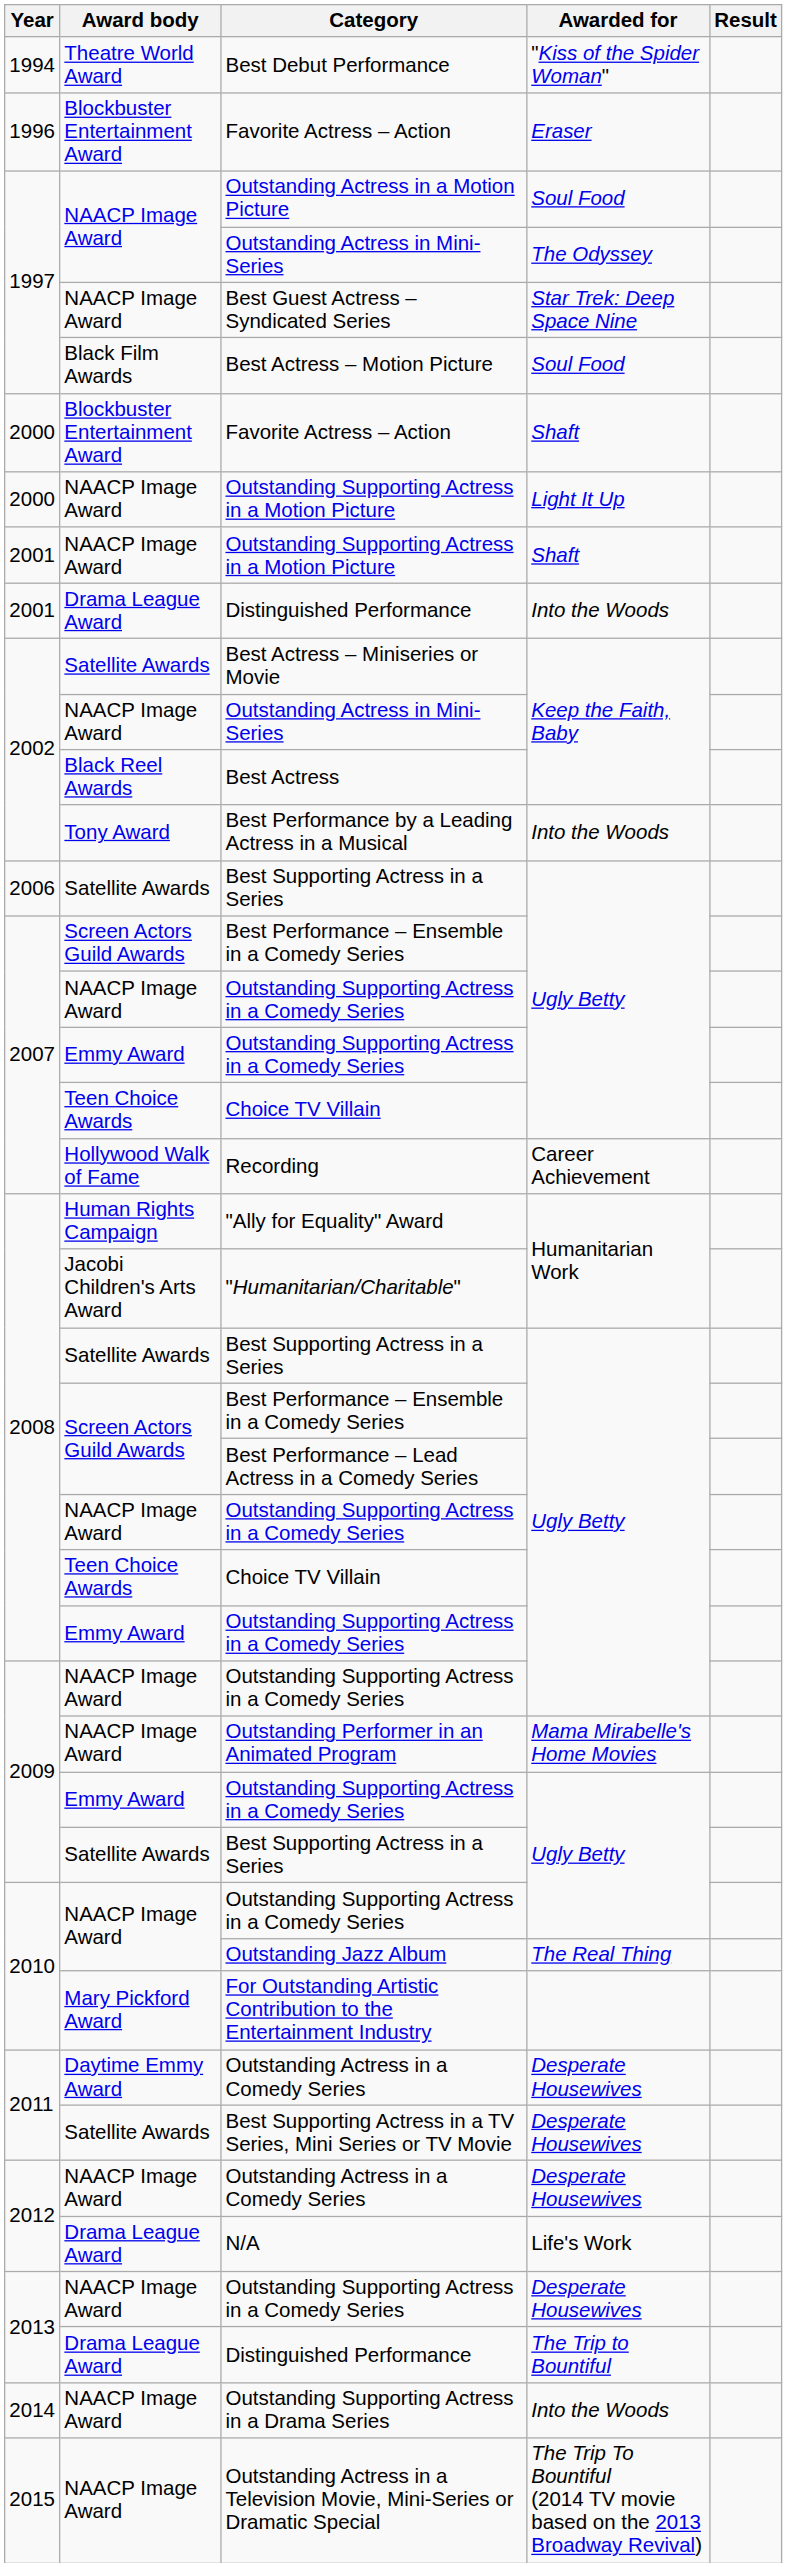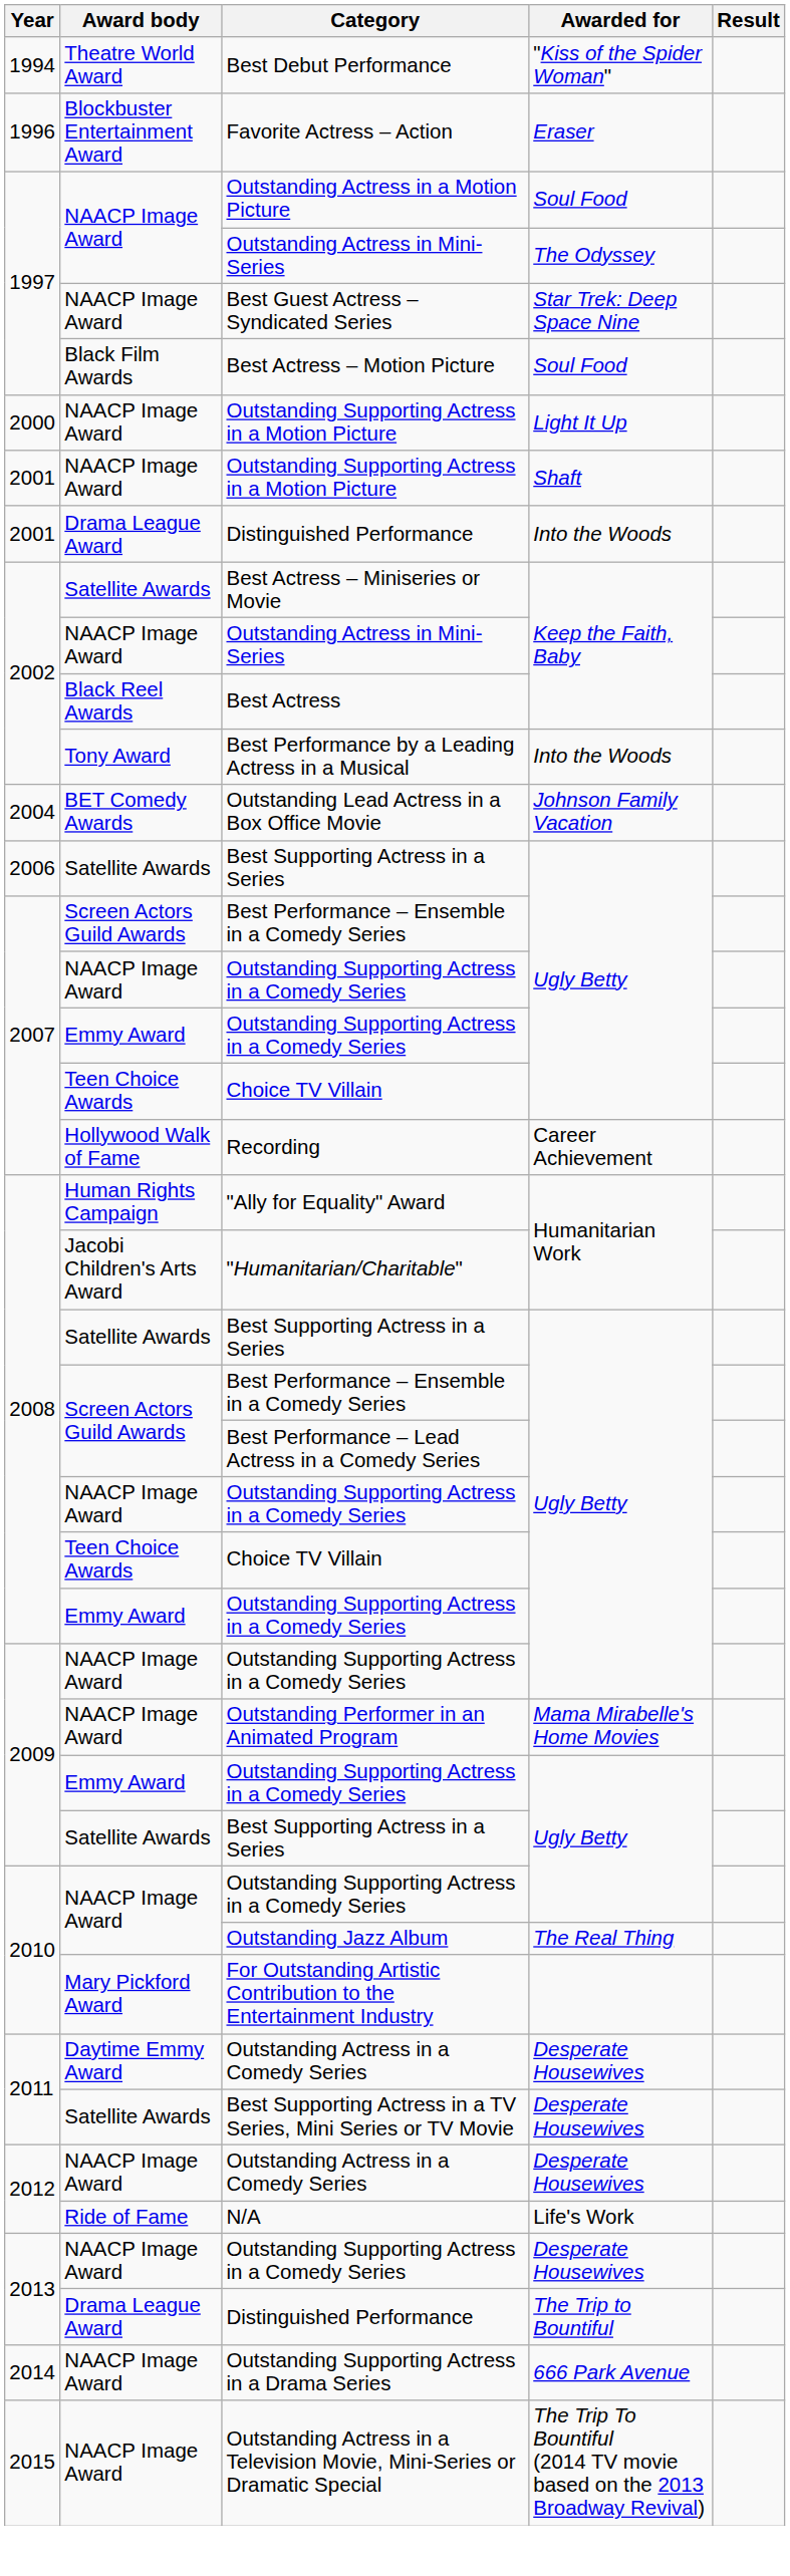 <table class="wikitable">
 <tr>
 <th>Year</th>
 <th>Award body</th>
 <th>Category</th>
 <th>Awarded for</th>
 <th>Result</th>
 </tr>
 <tr>
 <td>1994</td>
 <td><a href='#'>Theatre World Award</a></td>
 <td>Best Debut Performance</td>
 <td>"<em><a href='#'>Kiss of the Spider Woman</a></em>"</td>
 <td></td>
 </tr>
 <tr>
 <td>1996</td>
 <td><a href='#'>Blockbuster Entertainment Award</a></td>
 <td>Favorite Actress – Action</td>
 <td><em><a href='#'>Eraser</a></em></td>
 <td></td>
 </tr>
 <tr>
 <td rowspan="4">1997</td>
 <td rowspan="2"><a href='#'>NAACP Image Award</a></td>
 <td><a href='#'>Outstanding Actress in a Motion Picture</a></td>
 <td><em><a href='#'>Soul Food</a></em></td>
 <td></td>
 </tr>
 <tr>
 <td><a href='#'>Outstanding Actress in Mini-Series</a></td>
 <td><em><a href='#'>The Odyssey</a></em></td>
 <td></td>
 </tr>
 <tr>
 <td>NAACP Image Award</td>
 <td>Best Guest Actress – Syndicated Series</td>
 <td><em><a href='#'>Star Trek: Deep Space Nine</a></em></td>
 <td></td>
 </tr>
 <tr>
 <td>Black Film Awards</td>
 <td>Best Actress – Motion Picture</td>
 <td><em><a href='#'>Soul Food</a></em></td>
 <td></td>
 </tr>
 <tr>
 <td>2000</td>
-<td><a href='#'>Blockbuster Entertainment Award</a></td>
-<td>Favorite Actress – Action</td>
-<td><em><a href='#'>Shaft</a></em></td>
-<td></td>
-</tr>
-<tr>
-<td>2000</td>
 <td>NAACP Image Award</td>
 <td><a href='#'>Outstanding Supporting Actress in a Motion Picture</a></td>
 <td><em><a href='#'>Light It Up</a></em></td>
 <td></td>
 </tr>
 <tr>
 <td>2001</td>
 <td>NAACP Image Award</td>
 <td><a href='#'>Outstanding Supporting Actress in a Motion Picture</a></td>
 <td><em><a href='#'>Shaft</a></em></td>
 <td></td>
 </tr>
 <tr>
 <td>2001</td>
 <td><a href='#'>Drama League Award</a></td>
 <td>Distinguished Performance</td>
 <td><em>Into the Woods</em></td>
 <td></td>
 </tr>
 <tr>
 <td rowspan="4">2002</td>
 <td><a href='#'>Satellite Awards</a></td>
 <td>Best Actress – Miniseries or Movie</td>
 <td rowspan="3"><em><a href='#'>Keep the Faith, Baby</a></em></td>
 <td></td>
 </tr>
 <tr>
 <td>NAACP Image Award</td>
 <td><a href='#'>Outstanding Actress in Mini-Series</a></td>
 <td></td>
 </tr>
 <tr>
 <td><a href='#'>Black Reel Awards</a></td>
 <td>Best Actress</td>
 <td></td>
 </tr>
 <tr>
 <td><a href='#'>Tony Award</a></td>
 <td>Best Performance by a Leading Actress in a Musical</td>
 <td><em>Into the Woods</em></td>
+<td></td>
+</tr>
+<tr>
+<td>2004</td>
+<td><a href='#'>BET Comedy Awards</a></td>
+<td>Outstanding Lead Actress in a Box Office Movie</td>
+<td><em><a href='#'>Johnson Family Vacation</a></em></td>
 <td></td>
 </tr>
 <tr>
 <td>2006</td>
 <td>Satellite Awards</td>
 <td>Best Supporting Actress in a Series</td>
 <td rowspan="5"><em><a href='#'>Ugly Betty</a></em></td>
 <td></td>
 </tr>
 <tr>
 <td rowspan="5">2007</td>
 <td><a href='#'>Screen Actors Guild Awards</a></td>
 <td>Best Performance – Ensemble in a Comedy Series</td>
 <td></td>
 </tr>
 <tr>
 <td>NAACP Image Award</td>
 <td><a href='#'>Outstanding Supporting Actress in a Comedy Series</a></td>
 <td></td>
 </tr>
 <tr>
 <td><a href='#'>Emmy Award</a></td>
 <td><a href='#'>Outstanding Supporting Actress in a Comedy Series</a></td>
 <td></td>
 </tr>
 <tr>
 <td><a href='#'>Teen Choice Awards</a></td>
 <td><a href='#'>Choice TV Villain</a></td>
 <td></td>
 </tr>
 <tr>
 <td><a href='#'>Hollywood Walk of Fame</a></td>
 <td>Recording</td>
 <td>Career Achievement</td>
 <td></td>
 </tr>
 <tr>
 <td rowspan="8">2008</td>
 <td><a href='#'>Human Rights Campaign</a></td>
 <td>"Ally for Equality" Award</td>
 <td rowspan="2">Humanitarian Work</td>
 <td></td>
 </tr>
 <tr>
 <td>Jacobi Children's Arts Award</td>
 <td>"<em>Humanitarian/Charitable</em>"</td>
 <td></td>
 </tr>
 <tr>
 <td>Satellite Awards</td>
 <td>Best Supporting Actress in a Series</td>
 <td rowspan="7"><em><a href='#'>Ugly Betty</a></em></td>
 <td></td>
 </tr>
 <tr>
 <td rowspan="2"><a href='#'>Screen Actors Guild Awards</a></td>
 <td>Best Performance – Ensemble in a Comedy Series</td>
 <td></td>
 </tr>
 <tr>
 <td>Best Performance – Lead Actress in a Comedy Series</td>
 <td></td>
 </tr>
 <tr>
 <td>NAACP Image Award</td>
 <td><a href='#'>Outstanding Supporting Actress in a Comedy Series</a></td>
 <td></td>
 </tr>
 <tr>
 <td><a href='#'>Teen Choice Awards</a></td>
 <td>Choice TV Villain</td>
 <td></td>
 </tr>
 <tr>
 <td><a href='#'>Emmy Award</a></td>
 <td><a href='#'>Outstanding Supporting Actress in a Comedy Series</a></td>
 <td></td>
 </tr>
 <tr>
 <td rowspan="4">2009</td>
 <td>NAACP Image Award</td>
 <td>Outstanding Supporting Actress in a Comedy Series</td>
 <td></td>
 </tr>
 <tr>
 <td>NAACP Image Award</td>
 <td><a href='#'>Outstanding Performer in an Animated Program</a></td>
 <td><em><a href='#'>Mama Mirabelle's Home Movies</a></em></td>
 <td></td>
 </tr>
 <tr>
 <td><a href='#'>Emmy Award</a></td>
 <td><a href='#'>Outstanding Supporting Actress in a Comedy Series</a></td>
 <td rowspan="3"><em><a href='#'>Ugly Betty</a></em></td>
 <td></td>
 </tr>
 <tr>
 <td>Satellite Awards</td>
 <td>Best Supporting Actress in a Series</td>
 <td></td>
 </tr>
 <tr>
 <td rowspan="3">2010</td>
 <td rowspan="2">NAACP Image Award</td>
 <td>Outstanding Supporting Actress in a Comedy Series</td>
 <td></td>
 </tr>
 <tr>
 <td><a href='#'>Outstanding Jazz Album</a></td>
 <td><em><a href='#'>The Real Thing</a></em></td>
 <td></td>
 </tr>
 <tr>
 <td><a href='#'>Mary Pickford Award</a></td>
 <td><a href='#'>For Outstanding Artistic Contribution to the Entertainment Industry</a></td>
 <td></td>
 <td></td>
 </tr>
 <tr>
 <td rowspan="2">2011</td>
 <td><a href='#'>Daytime Emmy Award</a></td>
 <td>Outstanding Actress in a Comedy Series</td>
 <td><em><a href='#'>Desperate Housewives</a></em></td>
 <td></td>
 </tr>
 <tr>
 <td>Satellite Awards</td>
 <td>Best Supporting Actress in a TV Series, Mini Series or TV Movie</td>
 <td><em><a href='#'>Desperate Housewives</a></em></td>
 <td></td>
 </tr>
 <tr>
 <td rowspan="2">2012</td>
 <td>NAACP Image Award</td>
 <td>Outstanding Actress in a Comedy Series</td>
 <td><em><a href='#'>Desperate Housewives</a></em></td>
 <td></td>
 </tr>
 <tr>
-<td><a href='#'>Drama League Award</a></td>
+<td><a href='#'>Ride of Fame</a></td>
 <td>N/A</td>
 <td>Life's Work</td>
 <td></td>
 </tr>
 <tr>
 <td rowspan="2">2013</td>
 <td>NAACP Image Award</td>
 <td>Outstanding Supporting Actress in a Comedy Series</td>
 <td><em><a href='#'>Desperate Housewives</a></em></td>
 <td></td>
 </tr>
 <tr>
 <td><a href='#'>Drama League Award</a></td>
 <td>Distinguished Performance</td>
 <td><em><a href='#'>The Trip to Bountiful</a></em></td>
 <td></td>
 </tr>
 <tr>
 <td>2014</td>
 <td>NAACP Image Award</td>
 <td>Outstanding Supporting Actress in a Drama Series</td>
-<td><em>Into the Woods</em></td>
+<td><em><a href='#'>666 Park Avenue</a></em></td>
 <td></td>
 </tr>
 <tr>
 <td>2015</td>
 <td>NAACP Image Award</td>
 <td>Outstanding Actress in a Television Movie, Mini-Series or Dramatic Special</td>
 <td><em>The Trip To Bountiful</em><br> (2014 TV movie based on the <a href='#'>2013 Broadway Revival</a>)</td>
 <td></td>
 </tr>
 </table>
